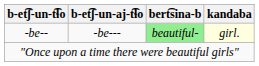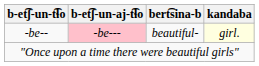 <table class="wikitable" style="text-align: center;">
 <tr>
 <th>b-et͡ʃ-un-t͡ɬo</th>
 <th>b-et͡ʃ-un-aj-t͡ɬo</th>
 <th>bert͡sina-b</th>
 <th>kandaba</th>
 </tr>
 <tr>
 <td><span></span>-<em>be</em>-<span></span>-<span></span></td>
-<td><span></span>-<em>be</em>-<span></span>-<span></span>-<span></span></td>
-<td style="background: lightgreen;"><em>beautiful</em>-<span></span></td>
+<td style="background: pink;"><span></span>-<em>be</em>-<span></span>-<span></span>-<span></span></td>
+<td><em>beautiful</em>-<span></span></td>
 <td style="background: lightyellow;"><em>girl</em>.<span></span></td>
 </tr>
 <tr>
 <td colspan="4"><em>"Once upon a time there were beautiful girls"</em></td>
 </tr>
 </table>
